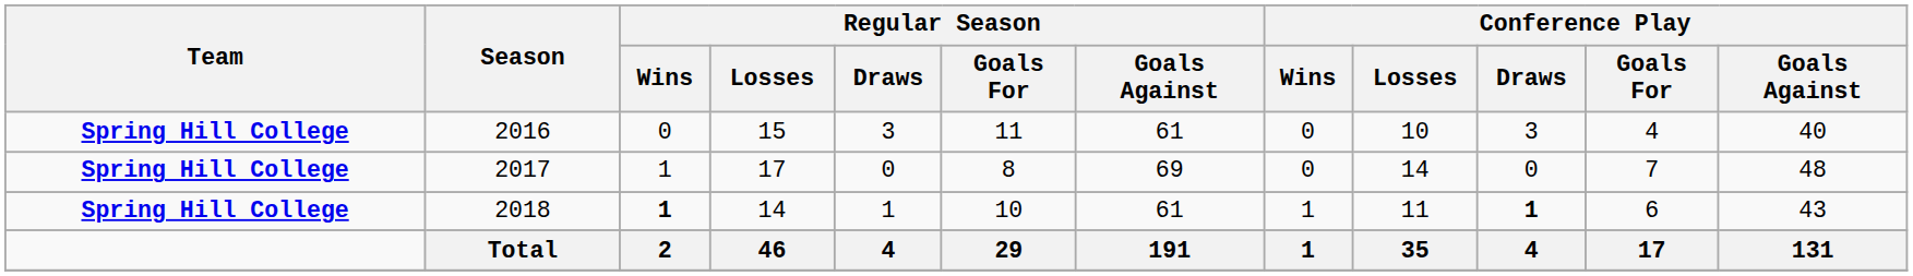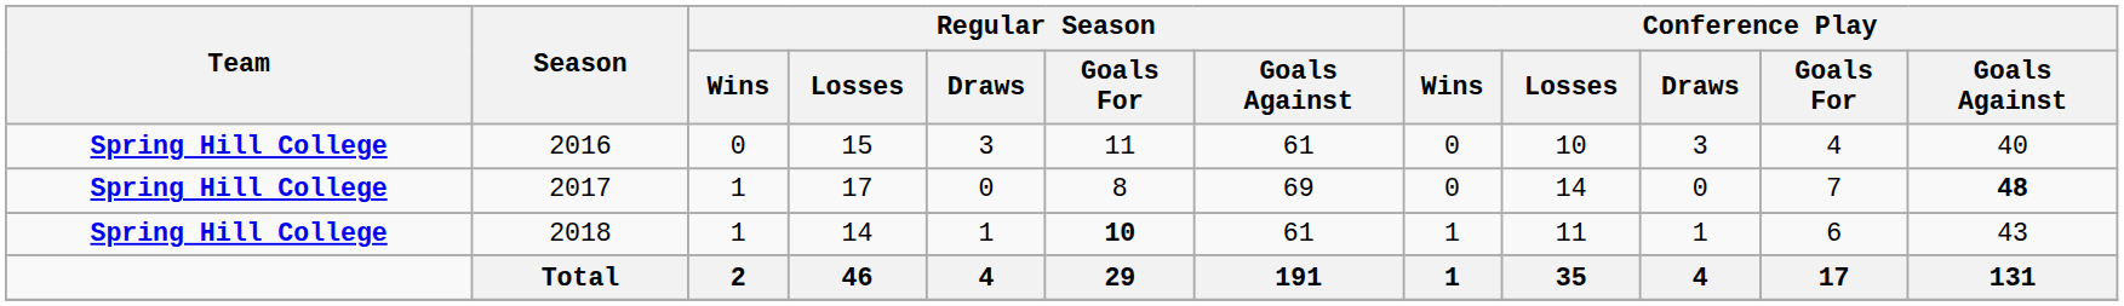 <table class="wikitable" style=font-size:90% text-align: center width=75%>
 <tr>
 <th rowspan=2 width=15%>Team</th>
 <th rowspan=2 width=7%>Season</th>
 <th colspan=5 width=20%>Regular Season</th>
 <th colspan=5 width=20%>Conference Play</th>
 </tr>
 <tr>
 <th align=center>Wins</th>
 <th align=center>Losses</th>
 <th align=center>Draws</th>
 <th align=center>Goals For</th>
 <th align=center>Goals Against</th>
 <th align=center>Wins</th>
 <th align=center>Losses</th>
 <th align=center>Draws</th>
 <th align=center>Goals For</th>
 <th align=center>Goals Against</th>
 </tr>
 <tr>
 <td rowspan=1 align=center><strong><a href='#'>Spring Hill College</a></strong></td>
 <td align=center>2016</td>
 <td align=center>0</td>
 <td align=center>15</td>
 <td align=center>3</td>
 <td align=center>11</td>
 <td align=center>61</td>
 <td align=center>0</td>
 <td align=center>10</td>
 <td align=center>3</td>
 <td align=center>4</td>
 <td align=center>40</td>
 </tr>
 <tr>
 <td rowspan=1 align=center><strong><a href='#'>Spring Hill College</a></strong></td>
 <td align=center>2017</td>
 <td align=center>1</td>
 <td align=center>17</td>
 <td align=center>0</td>
 <td align=center>8</td>
 <td align=center>69</td>
 <td align=center>0</td>
 <td align=center>14</td>
 <td align=center>0</td>
 <td align=center>7</td>
-<td align=center>48</td>
+<td align=center><strong>48</strong></td>
 </tr>
 <tr>
 <td rowspan=1 align=center><strong><a href='#'>Spring Hill College</a></strong></td>
 <td align=center>2018</td>
-<td align=center><strong>1</strong></td>
+<td align=center>1</td>
 <td align=center>14</td>
 <td align=center>1</td>
-<td align=center>10</td>
+<td align=center><strong>10</strong></td>
 <td align=center>61</td>
 <td align=center>1</td>
 <td align=center>11</td>
-<td align=center><strong>1</strong></td>
+<td align=center>1</td>
 <td align=center>6</td>
 <td align=center>43</td>
 </tr>
 <tr>
 <td></td>
 <th>Total</th>
 <th>2</th>
 <th>46</th>
 <th>4</th>
 <th>29</th>
 <th>191</th>
 <th>1</th>
 <th>35</th>
 <th>4</th>
 <th>17</th>
 <th>131</th>
 </tr>
 <tr>
 </tr>
 </table>
